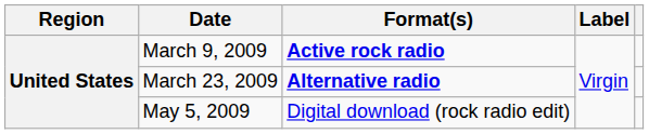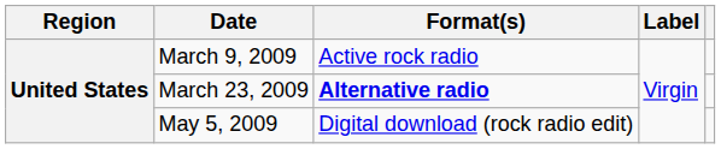 <table class="wikitable plainrowheaders">
 <tr>
 <th scope="col">Region</th>
 <th scope="col">Date</th>
 <th scope="col">Format(s)</th>
 <th scope="col">Label</th>
 <th scope="col"></th>
 </tr>
 <tr>
 <th scope="row" rowspan="3">United States</th>
 <td>March 9, 2009</td>
-<td><strong><a href='#'>Active rock radio</a></strong></td>
+<td><a href='#'>Active rock radio</a></td>
 <td rowspan="3"><a href='#'>Virgin</a></td>
 <td></td>
 </tr>
 <tr>
 <td>March 23, 2009</td>
 <td><strong><a href='#'>Alternative radio</a></strong></td>
 <td></td>
 </tr>
 <tr>
 <td>May 5, 2009</td>
 <td><a href='#'>Digital download</a> (rock radio edit)</td>
 <td></td>
 </tr>
 </table>
